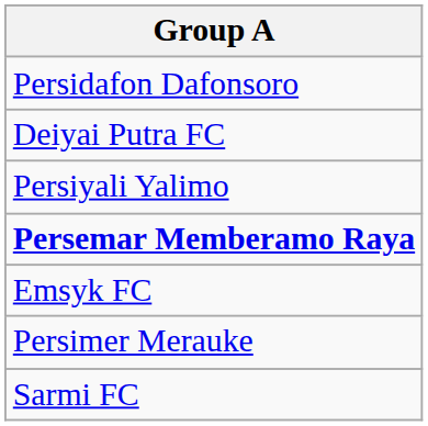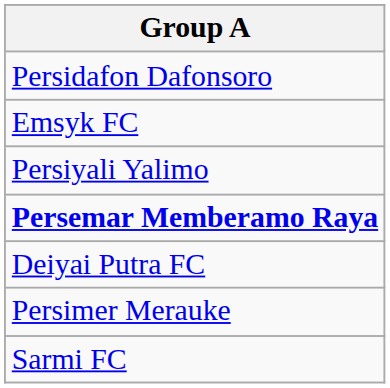 <table class="wikitable">
 <tr>
 <th>Group A</th>
 </tr>
 <tr>
 <td><a href='#'>Persidafon Dafonsoro</a></td>
 </tr>
 <tr>
-<td><a href='#'>Deiyai Putra FC</a></td>
+<td><a href='#'>Emsyk FC</a></td>
 </tr>
 <tr>
 <td><a href='#'>Persiyali Yalimo</a></td>
 </tr>
 <tr>
 <td><strong><a href='#'>Persemar Memberamo Raya</a></strong></td>
 </tr>
 <tr>
-<td><a href='#'>Emsyk FC</a></td>
+<td><a href='#'>Deiyai Putra FC</a></td>
 </tr>
 <tr>
 <td><a href='#'>Persimer Merauke</a></td>
 </tr>
 <tr>
 <td><a href='#'>Sarmi FC</a></td>
 </tr>
 </table>
